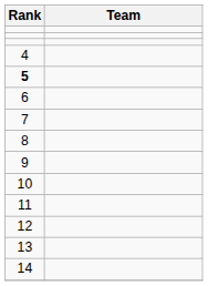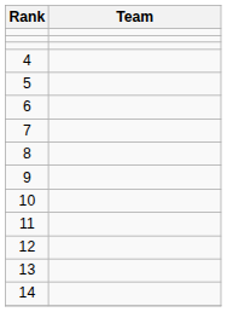 <table class="wikitable" style="text-align: center;">
 <tr>
 <th width=40>Rank</th>
 <th width=180>Team</th>
 </tr>
 <tr align=center>
 <td></td>
 <td style="text-align:left;"></td>
 </tr>
 <tr align=center>
 <td></td>
 <td style="text-align:left;"></td>
 </tr>
 <tr align=center>
 <td></td>
 <td style="text-align:left;"></td>
 </tr>
 <tr align=center>
 <td>4</td>
 <td style="text-align:left;"></td>
 </tr>
 <tr align=center>
-<td><strong>5</strong></td>
+<td>5</td>
 <td style="text-align:left;"></td>
 </tr>
 <tr align=center>
 <td>6</td>
 <td style="text-align:left;"></td>
 </tr>
 <tr align=center>
 <td>7</td>
 <td style="text-align:left;"></td>
 </tr>
 <tr align=center>
 <td>8</td>
 <td style="text-align:left;"></td>
 </tr>
 <tr align=center>
 <td>9</td>
 <td style="text-align:left;"></td>
 </tr>
 <tr align=center>
 <td>10</td>
 <td style="text-align:left;"></td>
 </tr>
 <tr align=center>
 <td>11</td>
 <td style="text-align:left;"></td>
 </tr>
 <tr align=center>
 <td>12</td>
 <td style="text-align:left;"></td>
 </tr>
 <tr align=center>
 <td>13</td>
 <td style="text-align:left;"></td>
 </tr>
 <tr align=center>
 <td>14</td>
 <td style="text-align:left;"></td>
 </tr>
 <tr>
 </tr>
 </table>
